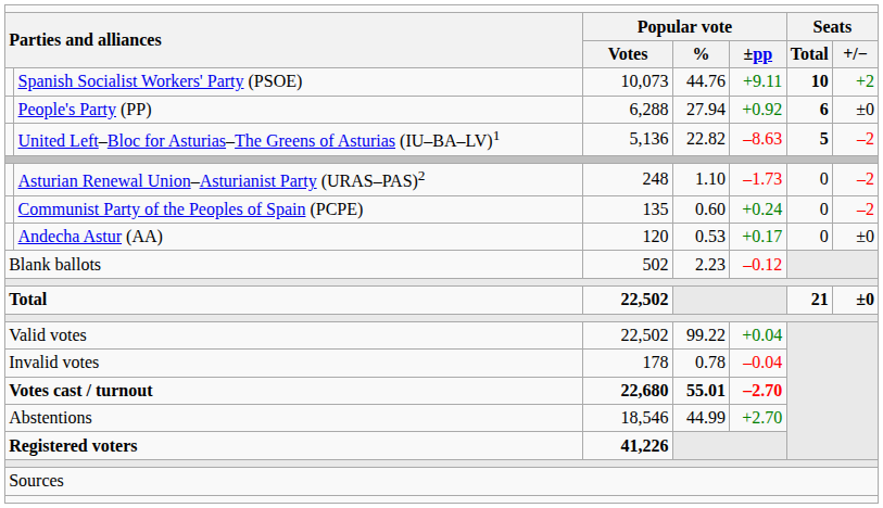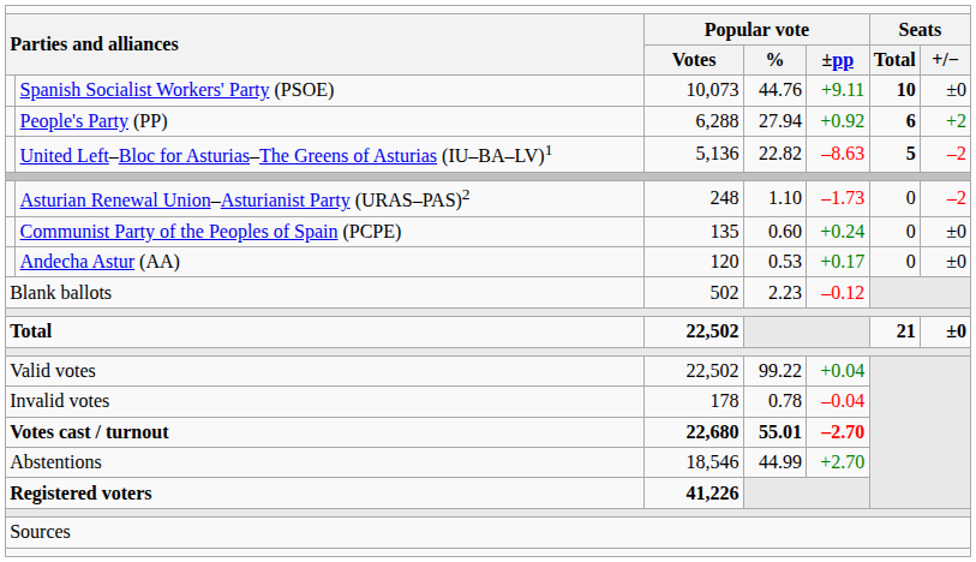 <table class="wikitable" style="text-align:right;">
 <tr>
 <td colspan="7"></td>
 </tr>
 <tr>
 <th style="text-align:left;" rowspan="2" colspan="2" width="525">Parties and alliances</th>
 <th colspan="3">Popular vote</th>
 <th colspan="2">Seats</th>
 </tr>
 <tr>
 <th width="75">Votes</th>
 <th width="45">%</th>
 <th width="45">±<a href='#'>pp</a></th>
 <th width="35">Total</th>
 <th width="35">+/−</th>
 </tr>
 <tr>
 <td width="1" style="color:inherit;background:"></td>
 <td align="left"><a href='#'>Spanish Socialist Workers' Party</a> (PSOE)</td>
 <td>10,073</td>
 <td>44.76</td>
 <td style="color:green;">+9.11</td>
 <td><strong>10</strong></td>
-<td style="color:green;">+2</td>
+<td>±0</td>
 </tr>
 <tr>
 <td style="color:inherit;background:"></td>
 <td align="left"><a href='#'>People's Party</a> (PP)</td>
 <td>6,288</td>
 <td>27.94</td>
 <td style="color:green;">+0.92</td>
 <td><strong>6</strong></td>
-<td>±0</td>
+<td style="color:green;">+2</td>
 </tr>
 <tr>
 <td style="color:inherit;background:"></td>
 <td align="left"><a href='#'>United Left</a>–<a href='#'>Bloc for Asturias</a>–<a href='#'>The Greens of Asturias</a> (IU–BA–LV)<sup>1</sup></td>
 <td>5,136</td>
 <td>22.82</td>
 <td style="color:red;">–8.63</td>
 <td><strong>5</strong></td>
 <td style="color:red;">–2</td>
 </tr>
 <tr>
 <td colspan="7" bgcolor="#C0C0C0"></td>
 </tr>
 <tr>
 <td style="color:inherit;background:"></td>
 <td align="left"><a href='#'>Asturian Renewal Union</a>–<a href='#'>Asturianist Party</a> (URAS–PAS)<sup>2</sup></td>
 <td>248</td>
 <td>1.10</td>
 <td style="color:red;">–1.73</td>
 <td>0</td>
 <td style="color:red;">–2</td>
 </tr>
 <tr>
 <td style="color:inherit;background:"></td>
 <td align="left"><a href='#'>Communist Party of the Peoples of Spain</a> (PCPE)</td>
 <td>135</td>
 <td>0.60</td>
 <td style="color:green;">+0.24</td>
 <td>0</td>
-<td style="color:red;">–2</td>
+<td>±0</td>
 </tr>
 <tr>
 <td style="color:inherit;background:"></td>
 <td align="left"><a href='#'>Andecha Astur</a> (AA)</td>
 <td>120</td>
 <td>0.53</td>
 <td style="color:green;">+0.17</td>
 <td>0</td>
 <td>±0</td>
 </tr>
 <tr>
 <td align="left" colspan="2">Blank ballots</td>
 <td>502</td>
 <td>2.23</td>
 <td style="color:red;">–0.12</td>
 <td bgcolor="#E9E9E9" colspan="2"></td>
 </tr>
 <tr>
 <td colspan="7" bgcolor="#E9E9E9"></td>
 </tr>
 <tr style="font-weight:bold;">
 <td align="left" colspan="2">Total</td>
 <td>22,502</td>
 <td bgcolor="#E9E9E9" colspan="2"></td>
 <td>21</td>
 <td>±0</td>
 </tr>
 <tr>
 <td colspan="7" bgcolor="#E9E9E9"></td>
 </tr>
 <tr>
 <td align="left" colspan="2">Valid votes</td>
 <td>22,502</td>
 <td>99.22</td>
 <td style="color:green;">+0.04</td>
 <td bgcolor="#E9E9E9" colspan="2" rowspan="5"></td>
 </tr>
 <tr>
 <td align="left" colspan="2">Invalid votes</td>
 <td>178</td>
 <td>0.78</td>
 <td style="color:red;">–0.04</td>
 </tr>
 <tr style="font-weight:bold;">
 <td align="left" colspan="2">Votes cast / turnout</td>
 <td>22,680</td>
 <td>55.01</td>
 <td style="color:red;">–2.70</td>
 </tr>
 <tr>
 <td align="left" colspan="2">Abstentions</td>
 <td>18,546</td>
 <td>44.99</td>
 <td style="color:green;">+2.70</td>
 </tr>
 <tr style="font-weight:bold;">
 <td align="left" colspan="2">Registered voters</td>
 <td>41,226</td>
 <td bgcolor="#E9E9E9" colspan="2"></td>
 </tr>
 <tr>
 <td colspan="7" bgcolor="#E9E9E9"></td>
 </tr>
 <tr>
 <td align="left" colspan="7">Sources</td>
 </tr>
 <tr>
 <td colspan="7" style="text-align:left; max-width:790px;"></td>
 </tr>
 </table>
